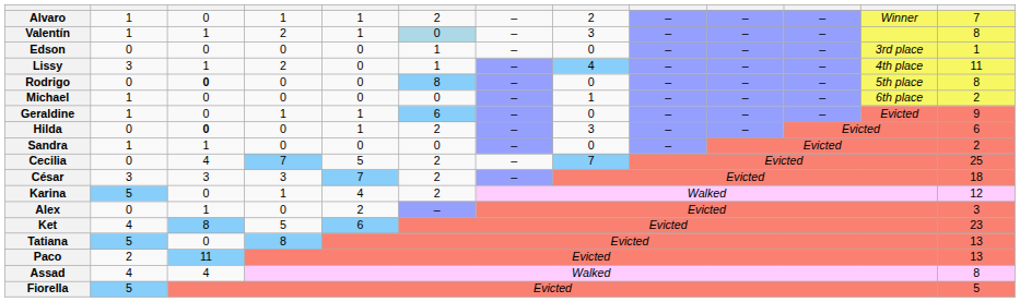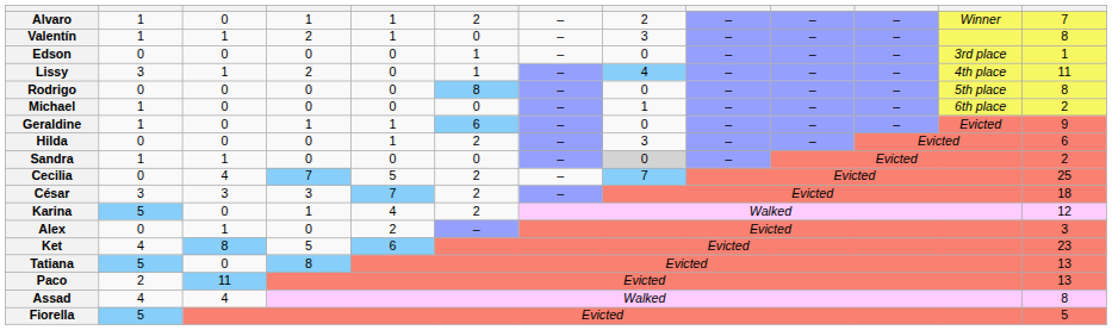 <table class="wikitable" style="text-align:center; font-size:90%; line-height:13px;">
 <tr>
 <th style="width: 5%;"></th>
 <th style="width: 5%;"></th>
 <th style="width: 5%;"></th>
 <th style="width: 5%;"></th>
 <th style="width: 5%;"></th>
 <th style="width: 5%;"></th>
 <th style="width: 5%;"></th>
 <th style="width: 5%;"></th>
 <th style="width: 5%;"></th>
 <th style="width: 5%;"></th>
 <th style="width: 5%;"></th>
 <th style="width: 5%;"></th>
 <th style="width: 5%;"></th>
 </tr>
 <tr>
 <th>Alvaro</th>
 <td>1</td>
 <td>0</td>
 <td>1</td>
 <td>1</td>
 <td>2</td>
 <td>–</td>
 <td>2</td>
 <td style="background:#959ffd;">–</td>
 <td style="background:#959ffd;">–</td>
 <td style="background:#959ffd;">–</td>
 <td style="background:#f7f763"><em>Winner</em></td>
 <td style="background:#f7f763">7</td>
 </tr>
 <tr>
 <th>Valentín</th>
 <td>1</td>
 <td>1</td>
 <td>2</td>
 <td>1</td>
-<td style="background: lightblue;">0</td>
+<td>0</td>
 <td>–</td>
 <td>3</td>
 <td style="background:#959ffd;">–</td>
 <td style="background:#959ffd;">–</td>
 <td style="background:#959ffd;">–</td>
 <td style="background:#f7f763"><em></em></td>
 <td style="background:#f7f763">8</td>
 </tr>
 <tr>
 <th>Edson</th>
 <td>0</td>
 <td>0</td>
 <td>0</td>
 <td>0</td>
 <td>1</td>
 <td>–</td>
 <td>0</td>
 <td style="background:#959ffd;">–</td>
 <td style="background:#959ffd;">–</td>
 <td style="background:#959ffd;">–</td>
 <td style="background:#f7f763"><em>3rd place</em></td>
 <td style="background:#f7f763">1</td>
 </tr>
 <tr>
 <th>Lissy</th>
 <td>3</td>
 <td>1</td>
 <td>2</td>
 <td>0</td>
 <td>1</td>
 <td style="background:#959ffd;">–</td>
 <td style="background:#87cefa;">4</td>
 <td style="background:#959ffd;">–</td>
 <td style="background:#959ffd;">–</td>
 <td style="background:#959ffd;">–</td>
 <td style="background:#f7f763"><em>4th place</em></td>
 <td style="background:#f7f763">11</td>
 </tr>
 <tr>
 <th>Rodrigo</th>
 <td>0</td>
-<td><strong>0</strong></td>
+<td>0</td>
 <td>0</td>
 <td>0</td>
 <td style="background:#87cefa;">8</td>
 <td style="background:#959ffd;">–</td>
 <td>0</td>
 <td style="background:#959ffd;">–</td>
 <td style="background:#959ffd;">–</td>
 <td style="background:#959ffd;">–</td>
 <td style="background:#f7f763"><em>5th place</em></td>
 <td style="background:#f7f763">8</td>
 </tr>
 <tr>
 <th>Michael</th>
 <td>1</td>
 <td>0</td>
 <td>0</td>
 <td>0</td>
 <td>0</td>
 <td style="background:#959ffd;">–</td>
 <td>1</td>
 <td style="background:#959ffd;">–</td>
 <td style="background:#959ffd;">–</td>
 <td style="background:#959ffd;">–</td>
 <td style="background:#f7f763"><em>6th place</em></td>
 <td style="background:#f7f763">2</td>
 </tr>
 <tr>
 <th>Geraldine</th>
 <td>1</td>
 <td>0</td>
 <td>1</td>
 <td>1</td>
 <td style="background:#87cefa;">6</td>
 <td style="background:#959ffd;">–</td>
 <td>0</td>
 <td style="background:#959ffd;">–</td>
 <td style="background:#959ffd;">–</td>
 <td style="background:#959ffd;">–</td>
 <td style="background:#fa8072"><em>Evicted</em></td>
 <td style="background:#fa8072">9</td>
 </tr>
 <tr>
 <th>Hilda</th>
 <td>0</td>
-<td><strong>0</strong></td>
+<td>0</td>
 <td>0</td>
 <td>1</td>
 <td>2</td>
 <td style="background:#959ffd;">–</td>
 <td>3</td>
 <td style="background:#959ffd;">–</td>
 <td style="background:#959ffd;">–</td>
 <td colspan=2 style="background:#fa8072"><em>Evicted</em></td>
 <td style="background:#fa8072">6</td>
 </tr>
 <tr>
 <th>Sandra</th>
 <td>1</td>
 <td>1</td>
 <td>0</td>
 <td>0</td>
 <td>0</td>
 <td style="background:#959ffd;">–</td>
-<td>0</td>
+<td style="background: lightgrey;">0</td>
 <td style="background:#959ffd;">–</td>
 <td colspan=3 style="background:#fa8072"><em>Evicted</em></td>
 <td style="background:#fa8072">2</td>
 </tr>
 <tr>
 <th>Cecilia</th>
 <td>0</td>
 <td>4</td>
 <td style="background:#87cefa;">7</td>
 <td>5</td>
 <td>2</td>
 <td>–</td>
 <td style="background:#87cefa;">7</td>
 <td colspan=4 style="background:#fa8072"><em>Evicted</em></td>
 <td style="background:#fa8072">25</td>
 </tr>
 <tr>
 <th>César</th>
 <td>3</td>
 <td>3</td>
 <td>3</td>
 <td style="background:#87cefa;">7</td>
 <td>2</td>
 <td style="background:#959ffd;">–</td>
 <td colspan=5 style="background:#fa8072"><em>Evicted</em></td>
 <td style="background:#fa8072">18</td>
 </tr>
 <tr>
 <th>Karina</th>
 <td style="background:#87cefa;">5</td>
 <td>0</td>
 <td>1</td>
 <td>4</td>
 <td>2</td>
 <td colspan=6 style="background:#FFCCFF"><em>Walked</em></td>
 <td style="background:#FFCCFF">12</td>
 </tr>
 <tr>
 <th>Alex</th>
 <td>0</td>
 <td>1</td>
 <td>0</td>
 <td>2</td>
 <td style="background:#959ffd;">–</td>
 <td colspan=6 style="background:#fa8072"><em>Evicted</em></td>
 <td style="background:#fa8072">3</td>
 </tr>
 <tr>
 <th>Ket</th>
 <td>4</td>
 <td style="background:#87cefa;">8</td>
 <td>5</td>
 <td style="background:#87cefa;">6</td>
 <td colspan=7 style="background:#fa8072"><em>Evicted</em></td>
 <td style="background:#fa8072">23</td>
 </tr>
 <tr>
 <th>Tatiana</th>
 <td style="background:#87cefa;">5</td>
 <td>0</td>
 <td style="background:#87cefa;">8</td>
 <td colspan=8 style="background:#fa8072"><em>Evicted</em></td>
 <td style="background:#fa8072">13</td>
 </tr>
 <tr>
 <th>Paco</th>
 <td>2</td>
 <td style="background:#87cefa;">11</td>
 <td colspan=9 style="background:#fa8072"><em>Evicted</em></td>
 <td style="background:#fa8072">13</td>
 </tr>
 <tr>
 <th>Assad</th>
 <td>4</td>
 <td>4</td>
 <td colspan=9 style="background:#FFCCFF"><em>Walked</em></td>
 <td style="background:#FFCCFF">8</td>
 </tr>
 <tr>
 <th>Fiorella</th>
 <td style="background:#87cefa;">5</td>
 <td colspan=10 style="background:#fa8072"><em>Evicted</em></td>
 <td style="background:#fa8072">5</td>
 </tr>
 </table>
